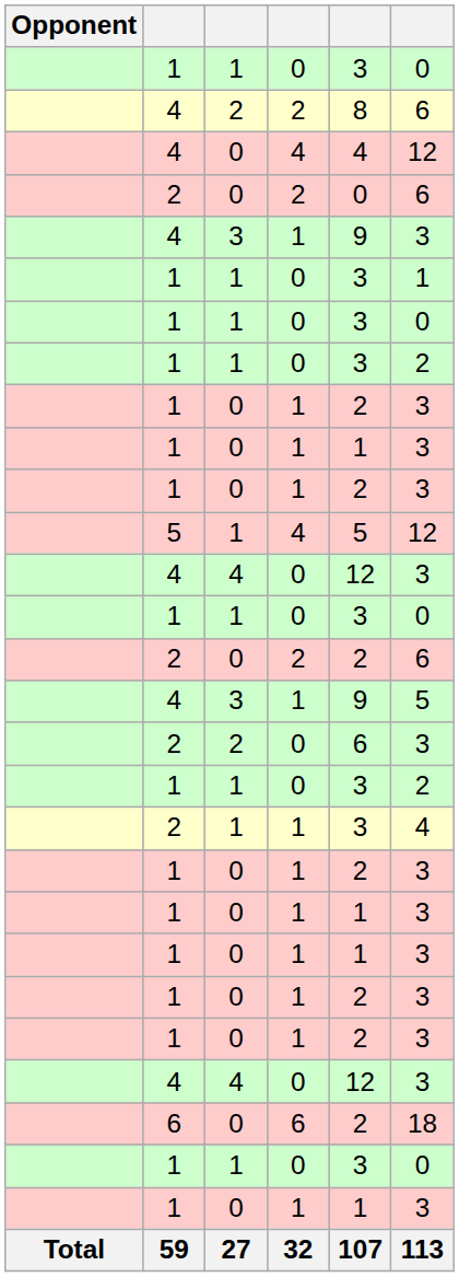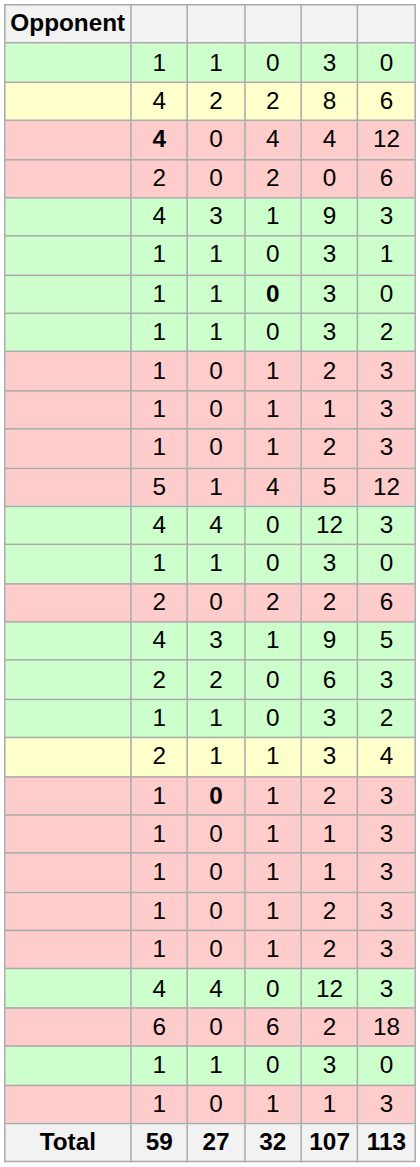 <table class="wikitable sortable" style="text-align: center;">
 <tr>
 <th width="30">Opponent</th>
 <th width=30></th>
 <th width=30></th>
 <th width=30></th>
 <th width=30></th>
 <th width=30></th>
 </tr>
 <tr bgcolor=#CCFFCC>
 <td align="left"></td>
 <td>1</td>
 <td>1</td>
 <td>0</td>
 <td>3</td>
 <td>0</td>
 </tr>
 <tr bgcolor=#FFFFCC>
 <td align="left"></td>
 <td>4</td>
 <td>2</td>
 <td>2</td>
 <td>8</td>
 <td>6</td>
 </tr>
 <tr bgcolor=#FFCCCC>
 <td align="left"></td>
-<td>4</td>
+<td><strong>4</strong></td>
 <td>0</td>
 <td>4</td>
 <td>4</td>
 <td>12</td>
 </tr>
 <tr bgcolor=#FFCCCC>
 <td align="left"></td>
 <td>2</td>
 <td>0</td>
 <td>2</td>
 <td>0</td>
 <td>6</td>
 </tr>
 <tr bgcolor=#CCFFCC>
 <td align="left"></td>
 <td>4</td>
 <td>3</td>
 <td>1</td>
 <td>9</td>
 <td>3</td>
 </tr>
 <tr bgcolor=#CCFFCC>
 <td align="left"></td>
 <td>1</td>
 <td>1</td>
 <td>0</td>
 <td>3</td>
 <td>1</td>
 </tr>
 <tr bgcolor=#CCFFCC>
 <td align="left"></td>
 <td>1</td>
 <td>1</td>
-<td>0</td>
+<td><strong>0</strong></td>
 <td>3</td>
 <td>0</td>
 </tr>
 <tr bgcolor=#CCFFCC>
 <td align="left"></td>
 <td>1</td>
 <td>1</td>
 <td>0</td>
 <td>3</td>
 <td>2</td>
 </tr>
 <tr bgcolor=#FFCCCC>
 <td align="left"></td>
 <td>1</td>
 <td>0</td>
 <td>1</td>
 <td>2</td>
 <td>3</td>
 </tr>
 <tr bgcolor=#FFCCCC>
 <td align="left"></td>
 <td>1</td>
 <td>0</td>
 <td>1</td>
 <td>1</td>
 <td>3</td>
 </tr>
 <tr bgcolor=#FFCCCC>
 <td align="left"></td>
 <td>1</td>
 <td>0</td>
 <td>1</td>
 <td>2</td>
 <td>3</td>
 </tr>
 <tr bgcolor=#FFCCCC>
 <td align="left"></td>
 <td>5</td>
 <td>1</td>
 <td>4</td>
 <td>5</td>
 <td>12</td>
 </tr>
 <tr bgcolor=#CCFFCC>
 <td align="left"></td>
 <td>4</td>
 <td>4</td>
 <td>0</td>
 <td>12</td>
 <td>3</td>
 </tr>
 <tr bgcolor=#CCFFCC>
 <td align="left"></td>
 <td>1</td>
 <td>1</td>
 <td>0</td>
 <td>3</td>
 <td>0</td>
 </tr>
 <tr bgcolor=#FFCCCC>
 <td align="left"></td>
 <td>2</td>
 <td>0</td>
 <td>2</td>
 <td>2</td>
 <td>6</td>
 </tr>
 <tr bgcolor=#CCFFCC>
 <td align="left"></td>
 <td>4</td>
 <td>3</td>
 <td>1</td>
 <td>9</td>
 <td>5</td>
 </tr>
 <tr bgcolor=#CCFFCC>
 <td align="left"></td>
 <td>2</td>
 <td>2</td>
 <td>0</td>
 <td>6</td>
 <td>3</td>
 </tr>
 <tr bgcolor=#CCFFCC>
 <td align="left"></td>
 <td>1</td>
 <td>1</td>
 <td>0</td>
 <td>3</td>
 <td>2</td>
 </tr>
 <tr bgcolor=#FFFFCC>
 <td align="left"></td>
 <td>2</td>
 <td>1</td>
 <td>1</td>
 <td>3</td>
 <td>4</td>
 </tr>
 <tr bgcolor=#FFCCCC>
 <td align="left"></td>
 <td>1</td>
-<td>0</td>
+<td><strong>0</strong></td>
 <td>1</td>
 <td>2</td>
 <td>3</td>
 </tr>
 <tr bgcolor=#FFCCCC>
 <td align="left"></td>
 <td>1</td>
 <td>0</td>
 <td>1</td>
 <td>1</td>
 <td>3</td>
 </tr>
 <tr bgcolor=#FFCCCC>
 <td align="left"></td>
 <td>1</td>
 <td>0</td>
 <td>1</td>
 <td>1</td>
 <td>3</td>
 </tr>
 <tr bgcolor=#FFCCCC>
 <td align="left"></td>
 <td>1</td>
 <td>0</td>
 <td>1</td>
 <td>2</td>
 <td>3</td>
 </tr>
 <tr bgcolor=#FFCCCC>
 <td align="left"></td>
 <td>1</td>
 <td>0</td>
 <td>1</td>
 <td>2</td>
 <td>3</td>
 </tr>
 <tr bgcolor=#CCFFCC>
 <td align="left"></td>
 <td>4</td>
 <td>4</td>
 <td>0</td>
 <td>12</td>
 <td>3</td>
 </tr>
 <tr bgcolor=#FFCCCC>
 <td align="left"></td>
 <td>6</td>
 <td>0</td>
 <td>6</td>
 <td>2</td>
 <td>18</td>
 </tr>
 <tr bgcolor=#CCFFCC>
 <td align="left"></td>
 <td>1</td>
 <td>1</td>
 <td>0</td>
 <td>3</td>
 <td>0</td>
 </tr>
 <tr bgcolor=#FFCCCC>
 <td align="left"></td>
 <td>1</td>
 <td>0</td>
 <td>1</td>
 <td>1</td>
 <td>3</td>
 </tr>
 <tr>
 <th>Total</th>
 <th>59</th>
 <th>27</th>
 <th>32</th>
 <th>107</th>
 <th>113</th>
 </tr>
 </table>
